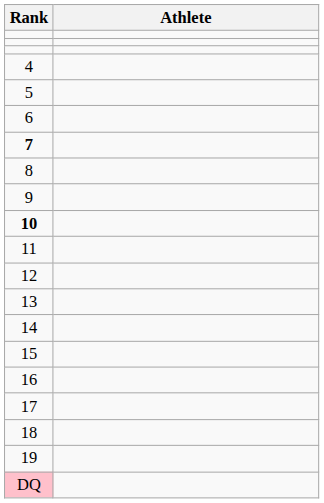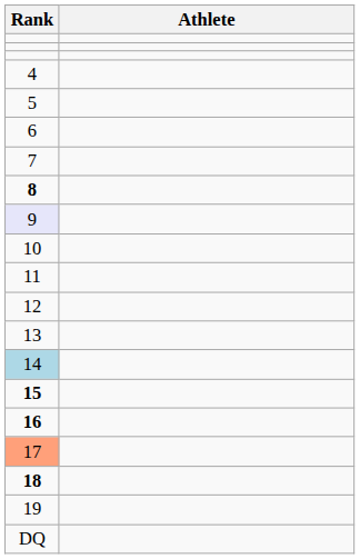 <table class="wikitable" style="text-align: center;">
 <tr>
 <th width=40>Rank</th>
 <th width=250>Athlete</th>
 </tr>
 <tr>
 <td></td>
 <td align="left"></td>
 </tr>
 <tr>
 <td></td>
 <td align="left"></td>
 </tr>
 <tr>
 <td></td>
 <td align="left"></td>
 </tr>
 <tr>
 <td>4</td>
 <td align="left"></td>
 </tr>
 <tr>
 <td>5</td>
 <td align="left"></td>
 </tr>
 <tr>
 <td>6</td>
 <td align="left"></td>
 </tr>
 <tr>
-<td><strong>7</strong></td>
+<td>7</td>
 <td align="left"></td>
 </tr>
 <tr>
-<td>8</td>
+<td><strong>8</strong></td>
 <td align="left"></td>
 </tr>
 <tr>
-<td>9</td>
+<td style="background: lavender;">9</td>
 <td align="left"></td>
 </tr>
 <tr>
-<td><strong>10</strong></td>
+<td>10</td>
 <td align="left"></td>
 </tr>
 <tr>
 <td>11</td>
 <td align="left"></td>
 </tr>
 <tr>
 <td>12</td>
 <td align="left"></td>
 </tr>
 <tr>
 <td>13</td>
 <td align="left"></td>
 </tr>
 <tr>
-<td>14</td>
+<td style="background: lightblue;">14</td>
 <td align="left"></td>
 </tr>
 <tr>
-<td>15</td>
+<td><strong>15</strong></td>
 <td align="left"></td>
 </tr>
 <tr>
-<td>16</td>
+<td><strong>16</strong></td>
 <td align="left"></td>
 </tr>
 <tr>
-<td>17</td>
+<td style="background: lightsalmon;">17</td>
 <td align="left"></td>
 </tr>
 <tr>
-<td>18</td>
+<td><strong>18</strong></td>
 <td align="left"></td>
 </tr>
 <tr>
 <td>19</td>
 <td align="left"></td>
 </tr>
 <tr>
-<td style="background: pink;">DQ</td>
+<td>DQ</td>
 <td align="left"></td>
 </tr>
 </table>
